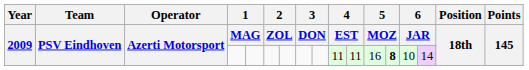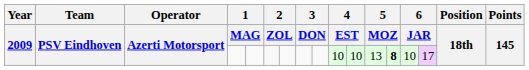 <table class="wikitable" style="text-align:center; font-size:85%">
 <tr>
 <th>Year</th>
 <th>Team</th>
 <th>Operator</th>
 <th colspan=2>1</th>
 <th colspan=2>2</th>
 <th colspan=2>3</th>
 <th colspan=2>4</th>
 <th colspan=2>5</th>
 <th colspan=2>6</th>
 <th>Position</th>
 <th>Points</th>
 </tr>
 <tr>
 <th rowspan=2><a href='#'>2009</a></th>
 <th rowspan=2><a href='#'>PSV Eindhoven</a></th>
 <th rowspan=2><a href='#'>Azerti Motorsport</a></th>
 <th colspan=2><a href='#'>MAG</a></th>
 <th colspan=2><a href='#'>ZOL</a></th>
 <th colspan=2><a href='#'>DON</a></th>
 <th colspan=2><a href='#'>EST</a></th>
 <th colspan=2><a href='#'>MOZ</a></th>
 <th colspan=2><a href='#'>JAR</a></th>
 <th rowspan=2>18th</th>
 <th rowspan=2>145</th>
 </tr>
 <tr>
 <td></td>
 <td></td>
 <td></td>
 <td></td>
 <td></td>
 <td></td>
-<td style="background:#dfffdf;">11</td>
-<td style="background:#dfffdf;">11</td>
-<td style="background:#dfffdf;">16</td>
+<td style="background:#dfffdf;">10</td>
+<td style="background:#dfffdf;">10</td>
+<td style="background:#dfffdf;">13</td>
 <td style="background:#dfffdf;"><strong>8</strong></td>
 <td style="background:#dfffdf;">10</td>
-<td style="background:#efcfff;">14</td>
+<td style="background:#efcfff;">17</td>
 </tr>
 </table>
